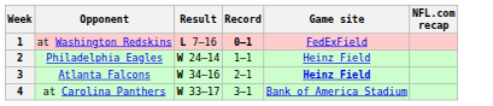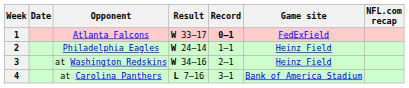 <table class="wikitable" style="text-align:center">
 <tr>
 <th>Week</th>
+<th>Date</th>
 <th>Opponent</th>
 <th>Result</th>
 <th>Record</th>
 <th>Game site</th>
 <th>NFL.com<br>recap</th>
 </tr>
 <tr style="background:#fcc;">
 <th>1</th>
-<td>at <a href='#'>Washington Redskins</a></td>
-<td><strong>L</strong> 7–16</td>
+<td></td>
+<td><a href='#'>Atlanta Falcons</a></td>
+<td><strong>W</strong> 33–17</td>
 <td><strong>0–1</strong></td>
 <td><a href='#'>FedExField</a></td>
 <td></td>
 </tr>
 <tr style="background:#cfc">
 <th>2</th>
+<td></td>
 <td><a href='#'>Philadelphia Eagles</a></td>
 <td><strong>W</strong> 24–14</td>
 <td>1–1</td>
 <td><a href='#'>Heinz Field</a></td>
 <td></td>
 </tr>
 <tr style="background:#cfc">
 <th>3</th>
-<td><a href='#'>Atlanta Falcons</a></td>
+<td></td>
+<td>at <a href='#'>Washington Redskins</a></td>
 <td><strong>W</strong> 34–16</td>
 <td>2–1</td>
-<td><strong><a href='#'>Heinz Field</a></strong></td>
+<td><a href='#'>Heinz Field</a></td>
 <td></td>
 </tr>
 <tr style="background:#cfc">
 <th>4</th>
+<td></td>
 <td>at <a href='#'>Carolina Panthers</a></td>
-<td><strong>W</strong> 33–17</td>
+<td><strong>L</strong> 7–16</td>
 <td>3–1</td>
 <td><a href='#'>Bank of America Stadium</a></td>
 <td></td>
 </tr>
 </table>
